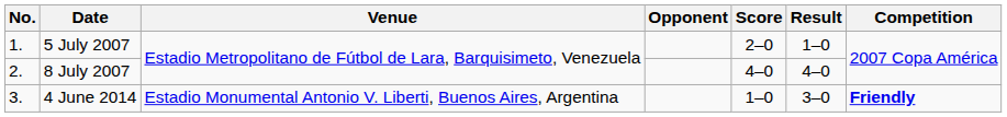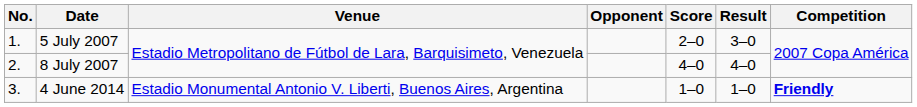 <table class="wikitable sortable">
 <tr>
 <th>No.</th>
 <th>Date</th>
 <th>Venue</th>
 <th>Opponent</th>
 <th>Score</th>
 <th>Result</th>
 <th>Competition</th>
 </tr>
 <tr>
 <td>1.</td>
 <td>5 July 2007</td>
 <td rowspan=2><a href='#'>Estadio Metropolitano de Fútbol de Lara</a>, <a href='#'>Barquisimeto</a>, Venezuela</td>
 <td></td>
 <td align=center>2–0</td>
-<td align=center>1–0</td>
+<td align=center>3–0</td>
 <td rowspan=2><a href='#'>2007 Copa América</a></td>
 </tr>
 <tr>
 <td>2.</td>
 <td>8 July 2007</td>
 <td></td>
 <td align=center>4–0</td>
 <td align=center>4–0</td>
 </tr>
 <tr>
 <td>3.</td>
 <td>4 June 2014</td>
 <td><a href='#'>Estadio Monumental Antonio V. Liberti</a>, <a href='#'>Buenos Aires</a>, Argentina</td>
 <td></td>
 <td align=center>1–0</td>
-<td align=center>3–0</td>
+<td align=center>1–0</td>
 <td><strong><a href='#'>Friendly</a></strong></td>
 </tr>
 </table>
